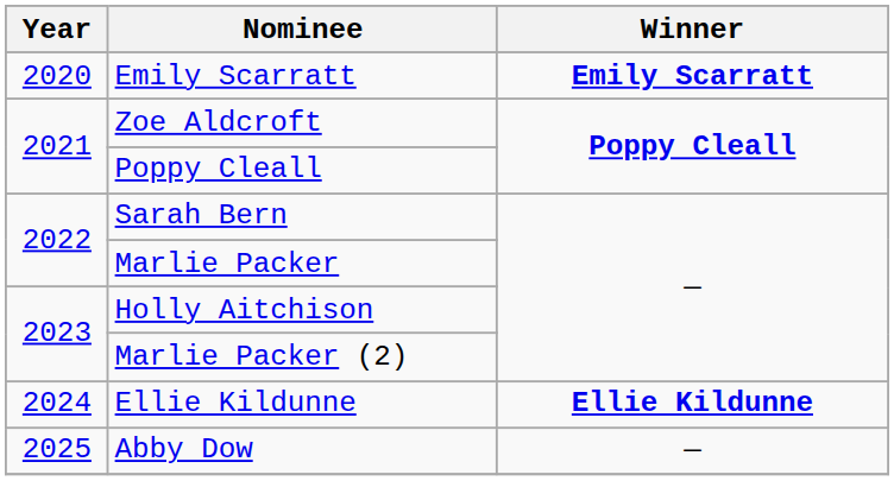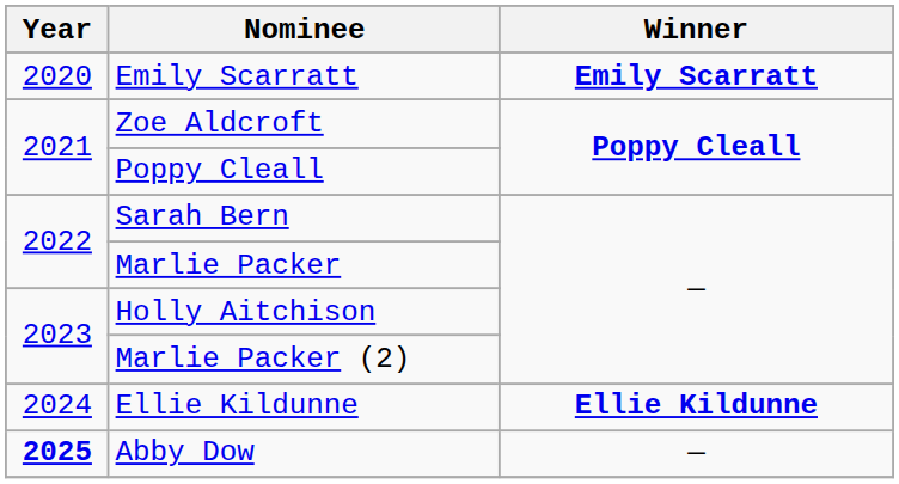 <table class="wikitable">
 <tr>
 <th width=40>Year</th>
 <th width=170>Nominee</th>
 <th width=170>Winner</th>
 </tr>
 <tr>
 <td align=center><a href='#'>2020</a></td>
 <td><a href='#'>Emily Scarratt</a></td>
 <td align=center><strong><a href='#'>Emily Scarratt</a></strong></td>
 </tr>
 <tr>
 <td align=center rowspan=2><a href='#'>2021</a></td>
 <td><a href='#'>Zoe Aldcroft</a></td>
 <td align=center rowspan=2><strong><a href='#'>Poppy Cleall</a></strong></td>
 </tr>
 <tr>
 <td><a href='#'>Poppy Cleall</a></td>
 </tr>
 <tr>
 <td align=center rowspan=2><a href='#'>2022</a></td>
 <td><a href='#'>Sarah Bern</a></td>
 <td align=center rowspan=4>—</td>
 </tr>
 <tr>
 <td><a href='#'>Marlie Packer</a></td>
 </tr>
 <tr>
 <td align=center rowspan=2><a href='#'>2023</a></td>
 <td><a href='#'>Holly Aitchison</a></td>
 </tr>
 <tr>
 <td><a href='#'>Marlie Packer</a> (2)</td>
 </tr>
 <tr>
 <td align=center><a href='#'>2024</a></td>
 <td><a href='#'>Ellie Kildunne</a></td>
 <td align=center><strong><a href='#'>Ellie Kildunne</a></strong></td>
 </tr>
 <tr>
-<td align=center><a href='#'>2025</a></td>
+<td align=center><strong><a href='#'>2025</a></strong></td>
 <td><a href='#'>Abby Dow</a></td>
 <td align=center>—</td>
 </tr>
 <tr>
 </tr>
 </table>
